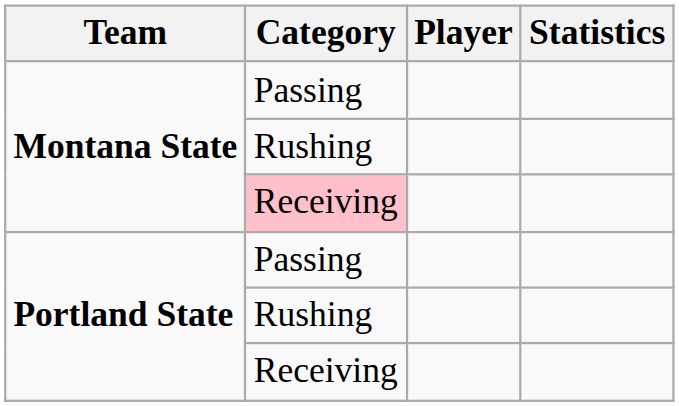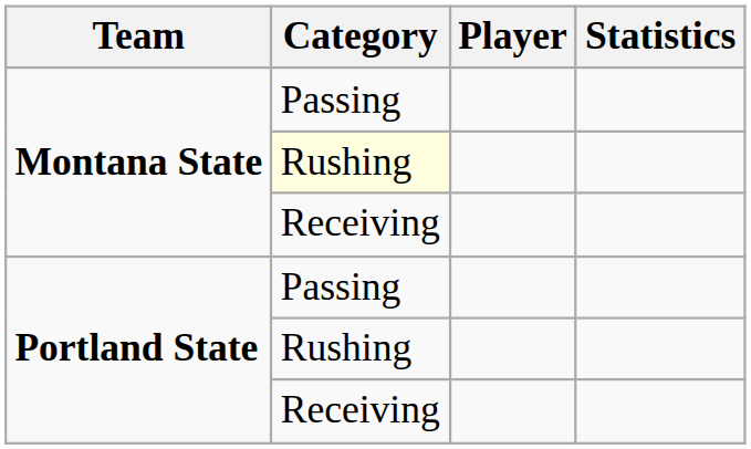 <table class="wikitable" style="float: right;">
 <tr>
 <th>Team</th>
 <th>Category</th>
 <th>Player</th>
 <th>Statistics</th>
 </tr>
 <tr>
 <td rowspan=3><strong>Montana State</strong></td>
 <td>Passing</td>
 <td></td>
 <td></td>
 </tr>
 <tr>
-<td>Rushing</td>
+<td style="background: lightyellow;">Rushing</td>
 <td></td>
 <td></td>
 </tr>
 <tr>
-<td style="background: pink;">Receiving</td>
+<td>Receiving</td>
 <td></td>
 <td></td>
 </tr>
 <tr>
 <td rowspan=3><strong>Portland State</strong></td>
 <td>Passing</td>
 <td></td>
 <td></td>
 </tr>
 <tr>
 <td>Rushing</td>
 <td></td>
 <td></td>
 </tr>
 <tr>
 <td>Receiving</td>
 <td></td>
 <td></td>
 </tr>
 </table>
